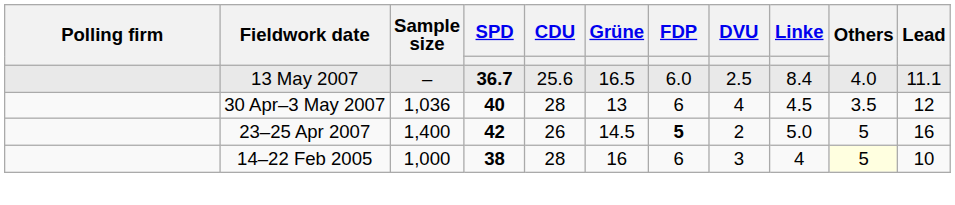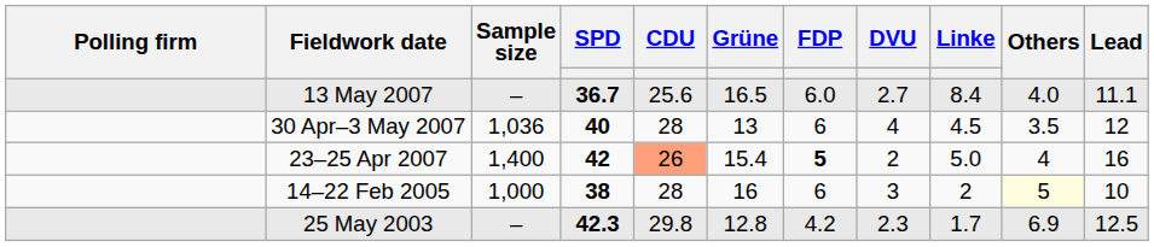 <table class="wikitable sortable" style="text-align:center;font-size:90%;line-height:14px;">
 <tr style="height:40px;">
 <th style="width:160px;" rowspan="2">Polling firm</th>
 <th style="width:125px;" rowspan="2">Fieldwork date</th>
 <th style="width:35px;" rowspan="2">Sample<br>size</th>
 <th class="unsortable" style="width:40px;"><a href='#'>SPD</a></th>
 <th class="unsortable" style="width:40px;"><a href='#'>CDU</a></th>
 <th class="unsortable" style="width:40px;"><a href='#'>Grüne</a></th>
 <th class="unsortable" style="width:40px;"><a href='#'>FDP</a></th>
 <th class="unsortable" style="width:40px;"><a href='#'>DVU</a></th>
 <th class="unsortable" style="width:40px;"><a href='#'>Linke</a></th>
 <th class="unsortable" style="width:40px;" rowspan="2">Others</th>
 <th style="width:30px;" rowspan="2">Lead</th>
 </tr>
 <tr>
 <th style="background:"></th>
 <th style="background:"></th>
 <th style="background:"></th>
 <th style="background:"></th>
 <th style="background:"></th>
 <th style="background:"></th>
 </tr>
 <tr style="background:#E9E9E9;">
 <td></td>
 <td data-sort-value="2007-05-13">13 May 2007</td>
 <td>–</td>
 <td><strong>36.7</strong></td>
 <td>25.6</td>
 <td>16.5</td>
 <td>6.0</td>
-<td>2.5</td>
+<td>2.7</td>
 <td>8.4</td>
 <td>4.0</td>
 <td style="background:">11.1</td>
 </tr>
 <tr>
 <td></td>
 <td data-sort-value="2007-05-04">30 Apr–3 May 2007</td>
 <td>1,036</td>
 <td><strong>40</strong></td>
 <td>28</td>
 <td>13</td>
 <td>6</td>
 <td>4</td>
 <td>4.5</td>
 <td>3.5</td>
 <td style="background:">12</td>
 </tr>
 <tr>
 <td></td>
 <td data-sort-value="2007-04-26">23–25 Apr 2007</td>
 <td>1,400</td>
 <td><strong>42</strong></td>
-<td>26</td>
-<td>14.5</td>
+<td style="background: lightsalmon;">26</td>
+<td>15.4</td>
 <td><strong>5</strong></td>
 <td>2</td>
 <td>5.0</td>
-<td>5</td>
+<td>4</td>
 <td style="background:">16</td>
 </tr>
 <tr>
 <td></td>
 <td data-sort-value="2005-04-01">14–22 Feb 2005</td>
 <td>1,000</td>
 <td><strong>38</strong></td>
 <td>28</td>
 <td>16</td>
 <td>6</td>
 <td>3</td>
-<td>4</td>
+<td>2</td>
 <td style="background: lightyellow;">5</td>
 <td style="background:">10</td>
 </tr>
+<tr style="background:#E9E9E9;">
+<td></td>
+<td data-sort-value="2003-05-25">25 May 2003</td>
+<td>–</td>
+<td><strong>42.3</strong></td>
+<td>29.8</td>
+<td>12.8</td>
+<td>4.2</td>
+<td>2.3</td>
+<td>1.7</td>
+<td>6.9</td>
+<td style="background:">12.5</td>
+</tr>
 </table>
